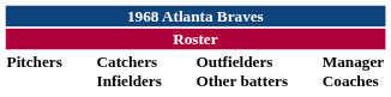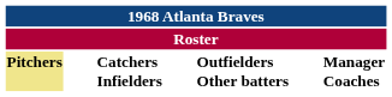 <table class="toccolours" style="font-size: 95%;">
 <tr>
 <th colspan="10" style="background-color: #0f437c; color: white; text-align: center;">1968 Atlanta Braves</th>
 </tr>
 <tr>
 <td colspan="10" style="background-color: #af0039; color: white; text-align: center;"><strong>Roster</strong></td>
 </tr>
 <tr>
-<td valign="top"><strong>Pitchers</strong><br>                </td>
+<td valign="top" style="background: khaki;"><strong>Pitchers</strong><br>                </td>
 <td width="25px"></td>
 <td valign="top"><strong>Catchers</strong><br>   <strong>Infielders</strong>         </td>
 <td width="25px"></td>
 <td valign="top"><strong>Outfielders</strong><br>        <strong>Other batters</strong> </td>
 <td width="25px"></td>
 <td valign="top"><strong>Manager</strong><br> <strong>Coaches</strong>    </td>
 </tr>
 </table>
